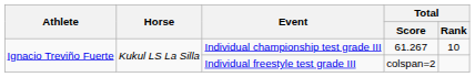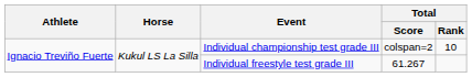 <table class=wikitable style="font-size:90%">
 <tr>
 <th rowspan="2">Athlete</th>
 <th rowspan="2">Horse</th>
 <th rowspan="2">Event</th>
 <th colspan="2">Total</th>
 </tr>
 <tr>
 <th>Score</th>
 <th>Rank</th>
 </tr>
 <tr>
 <td rowspan="2"><a href='#'>Ignacio Treviño Fuerte</a></td>
 <td rowspan="2"><em>Kukul LS La Silla</em></td>
 <td><a href='#'>Individual championship test grade III</a></td>
-<td align=center>61.267</td>
+<td>colspan=2</td>
 <td align=center>10</td>
 </tr>
 <tr>
 <td><a href='#'>Individual freestyle test grade III</a></td>
-<td>colspan=2</td>
+<td align=center>61.267</td>
 </tr>
 </table>
